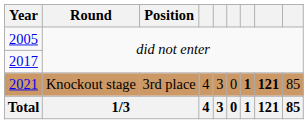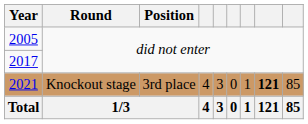 <table class="wikitable" style="text-align: center;">
 <tr>
 <th>Year</th>
 <th>Round</th>
 <th>Position</th>
 <th></th>
 <th></th>
 <th></th>
 <th></th>
 <th></th>
 <th></th>
 </tr>
 <tr>
 <td> <a href='#'>2005</a></td>
 <td rowspan=2 colspan=8><em>did not enter</em></td>
 </tr>
 <tr>
 <td> <a href='#'>2017</a></td>
 </tr>
 <tr bgcolor=#cc9966>
 <td> <a href='#'>2021</a></td>
 <td>Knockout stage</td>
 <td>3rd place</td>
 <td>4</td>
 <td>3</td>
 <td>0</td>
-<td><strong>1</strong></td>
+<td>1</td>
 <td><strong>121</strong></td>
 <td>85</td>
 </tr>
 <tr>
 <th>Total</th>
 <th colspan=2>1/3</th>
 <th>4</th>
 <th>3</th>
 <th>0</th>
 <th>1</th>
 <th>121</th>
 <th>85</th>
 </tr>
 </table>
